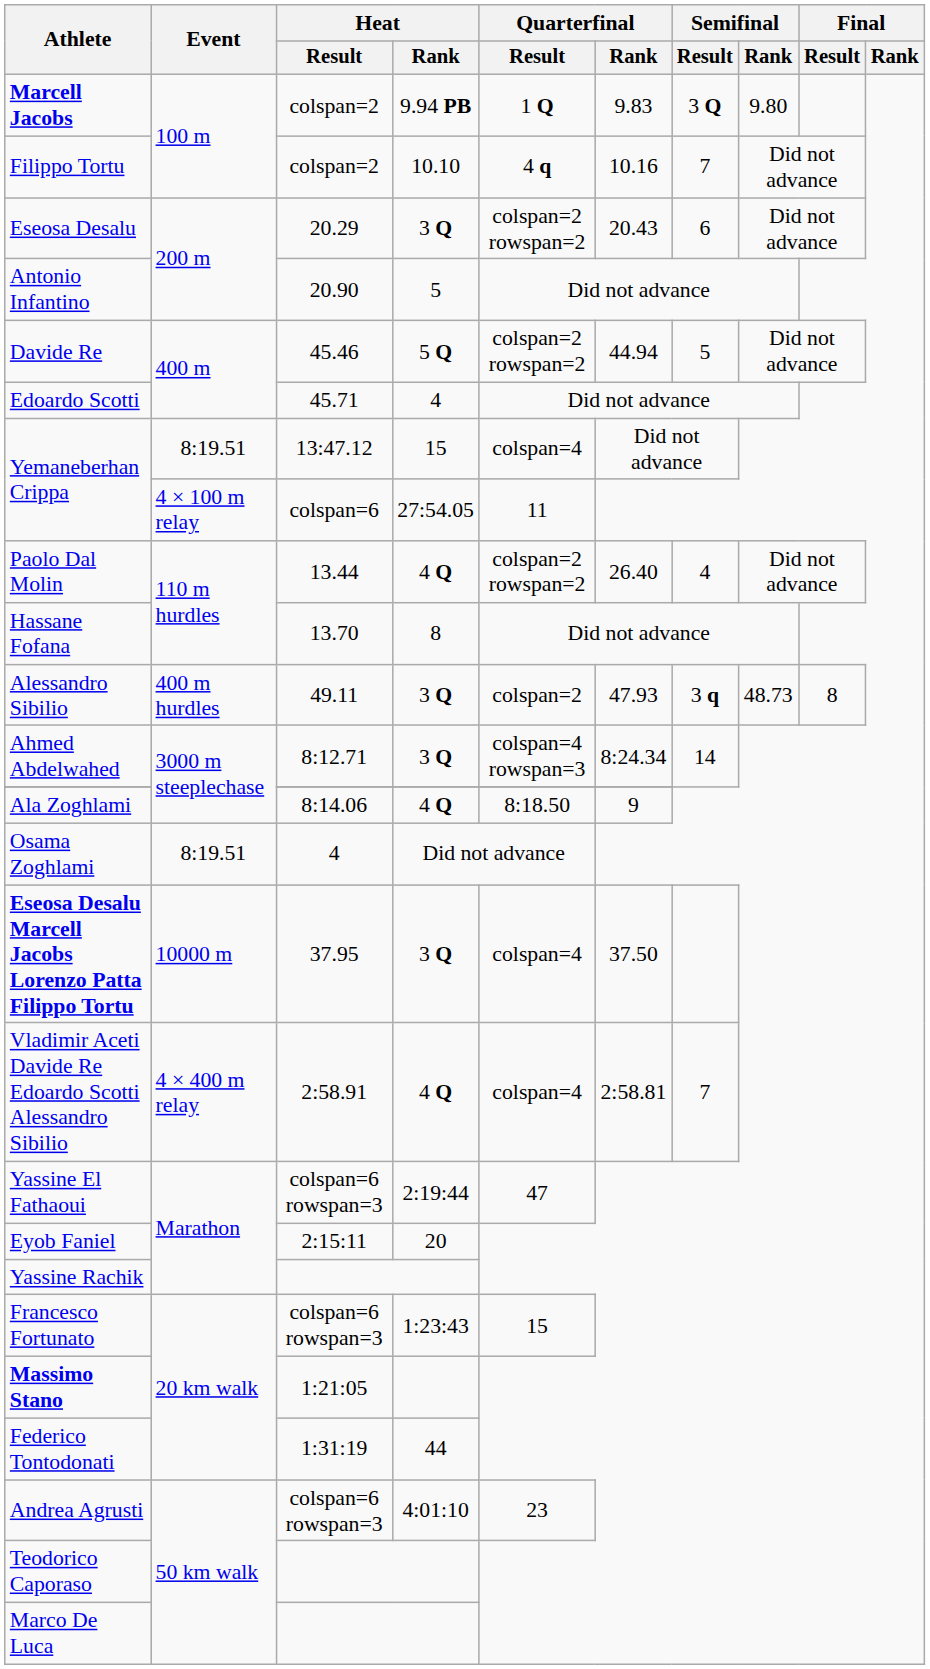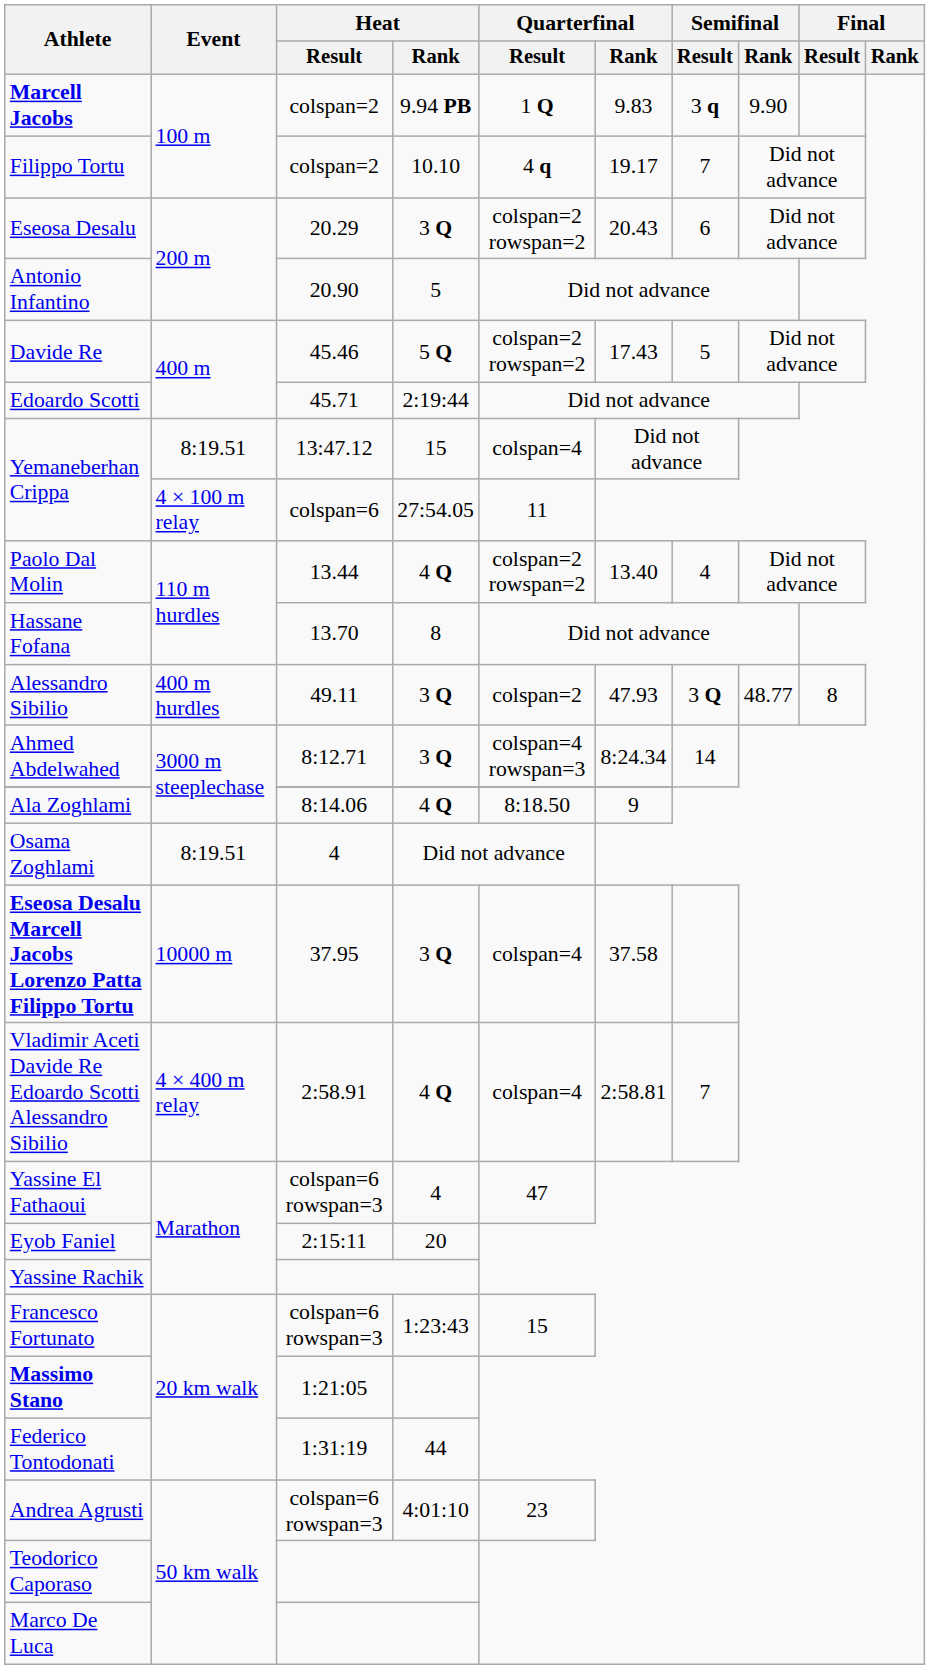 <table class="wikitable" style="font-size:90%">
 <tr>
 <th rowspan="2">Athlete</th>
 <th rowspan="2">Event</th>
 <th colspan="2">Heat</th>
 <th colspan="2">Quarterfinal</th>
 <th colspan="2">Semifinal</th>
 <th colspan="2">Final</th>
 </tr>
 <tr style="font-size:95%">
 <th>Result</th>
 <th>Rank</th>
 <th>Result</th>
 <th>Rank</th>
 <th>Result</th>
 <th>Rank</th>
 <th>Result</th>
 <th>Rank</th>
 </tr>
 <tr align=center>
 <td align="left"><strong><a href='#'>Marcell Jacobs</a></strong></td>
 <td align="left" rowspan=2><a href='#'>100 m</a></td>
 <td>colspan=2 </td>
 <td>9.94 <strong>PB</strong></td>
 <td>1 <strong>Q</strong></td>
 <td>9.83</td>
-<td>3 <strong>Q</strong></td>
-<td>9.80 <strong></strong></td>
+<td>3 <strong>q</strong></td>
+<td>9.90 <strong></strong></td>
 <td></td>
 </tr>
 <tr align=center>
 <td align="left"><a href='#'>Filippo Tortu</a></td>
 <td>colspan=2 </td>
 <td>10.10</td>
 <td>4 <strong>q</strong></td>
-<td>10.16</td>
+<td>19.17</td>
 <td>7</td>
 <td colspan="2">Did not advance</td>
 </tr>
 <tr align=center>
 <td align="left"><a href='#'>Eseosa Desalu</a></td>
 <td align="left" rowspan=2><a href='#'>200 m</a></td>
 <td>20.29</td>
 <td>3 <strong>Q</strong></td>
 <td>colspan=2 rowspan=2 </td>
 <td>20.43</td>
 <td>6</td>
 <td colspan="2">Did not advance</td>
 </tr>
 <tr align=center>
 <td align="left"><a href='#'>Antonio Infantino</a></td>
 <td>20.90</td>
 <td>5</td>
 <td colspan=4>Did not advance</td>
 </tr>
 <tr align=center>
 <td align="left"><a href='#'>Davide Re</a></td>
 <td align="left" rowspan=2><a href='#'>400 m</a></td>
 <td>45.46</td>
 <td>5 <strong>Q</strong></td>
 <td>colspan=2 rowspan=2 </td>
-<td>44.94</td>
+<td>17.43</td>
 <td>5</td>
 <td colspan=2>Did not advance</td>
 </tr>
 <tr align=center>
 <td align="left"><a href='#'>Edoardo Scotti</a></td>
 <td>45.71</td>
-<td>4</td>
+<td>2:19:44</td>
 <td colspan=4>Did not advance</td>
 </tr>
 <tr align=center>
 <td align="left" rowspan=2><a href='#'>Yemaneberhan Crippa</a></td>
 <td>8:19.51</td>
 <td>13:47.12</td>
 <td>15</td>
 <td>colspan=4 </td>
 <td colspan=2>Did not advance</td>
 </tr>
 <tr align=center>
 <td align=left><a href='#'>4 × 100 m relay</a></td>
 <td>colspan=6 </td>
 <td>27:54.05</td>
 <td>11</td>
 </tr>
 <tr align=center>
 <td align="left"><a href='#'>Paolo Dal Molin</a></td>
 <td align="left" rowspan=2><a href='#'>110 m hurdles</a></td>
 <td>13.44</td>
 <td>4 <strong>Q</strong></td>
 <td>colspan=2 rowspan=2 </td>
-<td>26.40</td>
+<td>13.40</td>
 <td>4</td>
 <td colspan=2>Did not advance</td>
 </tr>
 <tr align=center>
 <td align="left"><a href='#'>Hassane Fofana</a></td>
 <td>13.70</td>
 <td>8</td>
 <td colspan=4>Did not advance</td>
 </tr>
 <tr align=center>
 <td align="left"><a href='#'>Alessandro Sibilio</a></td>
 <td align="left"><a href='#'>400 m hurdles</a></td>
 <td>49.11</td>
 <td>3 <strong>Q</strong></td>
 <td>colspan=2 </td>
 <td>47.93</td>
-<td>3 <strong>q</strong></td>
-<td>48.73</td>
+<td>3 <strong>Q</strong></td>
+<td>48.77</td>
 <td>8</td>
 </tr>
 <tr align=center>
 <td align="left"><a href='#'>Ahmed Abdelwahed</a></td>
 <td align="left" rowspan=3><a href='#'>3000 m steeplechase</a></td>
 <td>8:12.71</td>
 <td>3 <strong>Q</strong></td>
 <td>colspan=4 rowspan=3 </td>
 <td>8:24.34</td>
 <td>14</td>
 </tr>
 <tr align=center>
 </tr>
 <tr align=center>
 <td align="left"><a href='#'>Ala Zoghlami</a></td>
 <td>8:14.06</td>
 <td>4 <strong>Q</strong></td>
 <td>8:18.50</td>
 <td>9</td>
 </tr>
 <tr align=center>
 <td align="left"><a href='#'>Osama Zoghlami</a></td>
 <td>8:19.51</td>
 <td>4</td>
 <td colspan="2">Did not advance</td>
 </tr>
 <tr align=center>
 <td align=left><strong><a href='#'>Eseosa Desalu</a><br><a href='#'>Marcell Jacobs</a><br><a href='#'>Lorenzo Patta</a><br><a href='#'>Filippo Tortu</a></strong></td>
 <td align="left"><a href='#'>10000 m</a></td>
 <td>37.95 <strong></strong></td>
 <td>3 <strong>Q</strong></td>
 <td>colspan=4 </td>
-<td>37.50 <strong></strong></td>
+<td>37.58 <strong></strong></td>
 <td></td>
 </tr>
 <tr align=center>
 <td align=left><a href='#'>Vladimir Aceti</a><br><a href='#'>Davide Re</a><br><a href='#'>Edoardo Scotti</a><br><a href='#'>Alessandro Sibilio</a></td>
 <td align=left><a href='#'>4 × 400 m relay</a></td>
 <td>2:58.91 <strong></strong></td>
 <td>4 <strong>Q</strong></td>
 <td>colspan=4 </td>
 <td>2:58.81 <strong></strong></td>
 <td>7</td>
 </tr>
 <tr align=center>
 <td align="left"><a href='#'>Yassine El Fathaoui</a></td>
 <td align="left" rowspan=3><a href='#'>Marathon</a></td>
 <td>colspan=6 rowspan=3 </td>
-<td>2:19:44</td>
+<td>4</td>
 <td>47</td>
 </tr>
 <tr align=center>
 <td align="left"><a href='#'>Eyob Faniel</a></td>
 <td>2:15:11</td>
 <td>20</td>
 </tr>
 <tr align=center>
 <td align="left"><a href='#'>Yassine Rachik</a></td>
 <td colspan=2></td>
 </tr>
 <tr align=center>
 <td align="left"><a href='#'>Francesco Fortunato</a></td>
 <td align="left" rowspan=3><a href='#'>20 km walk</a></td>
 <td>colspan=6 rowspan=3 </td>
 <td>1:23:43</td>
 <td>15</td>
 </tr>
 <tr align=center>
 <td align="left"><strong><a href='#'>Massimo Stano</a></strong></td>
 <td>1:21:05</td>
 <td></td>
 </tr>
 <tr align=center>
 <td align="left"><a href='#'>Federico Tontodonati</a></td>
 <td>1:31:19</td>
 <td>44</td>
 </tr>
 <tr align=center>
 <td align="left"><a href='#'>Andrea Agrusti</a></td>
 <td align="left" rowspan=3><a href='#'>50 km walk</a></td>
 <td>colspan=6 rowspan=3 </td>
 <td>4:01:10</td>
 <td>23</td>
 </tr>
 <tr align=center>
 <td align="left"><a href='#'>Teodorico Caporaso</a></td>
 <td colspan=2></td>
 </tr>
 <tr align=center>
 <td align="left"><a href='#'>Marco De Luca</a></td>
 <td colspan=2></td>
 </tr>
 </table>
